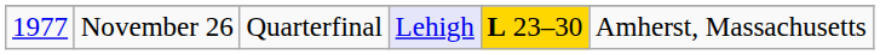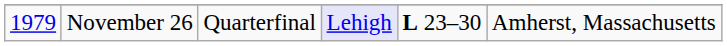 <table class="wikitable">
 <tr>
 </tr>
 <tr>
-<td><a href='#'>1977</a></td>
+<td><a href='#'>1979</a></td>
 <td>November 26</td>
 <td>Quarterfinal</td>
 <td style="background: lavender;"><a href='#'>Lehigh</a></td>
-<td style="background: gold;"><strong>L</strong> 23–30</td>
+<td><strong>L</strong> 23–30</td>
 <td>Amherst, Massachusetts</td>
 </tr>
 </table>
